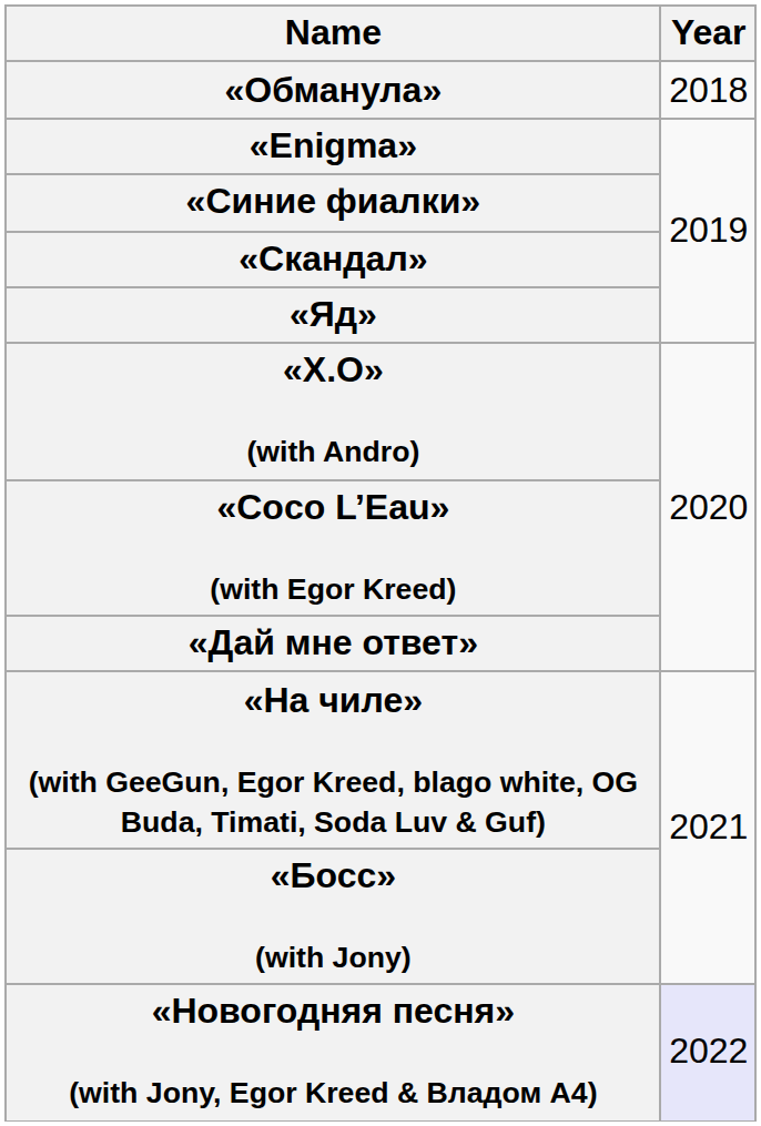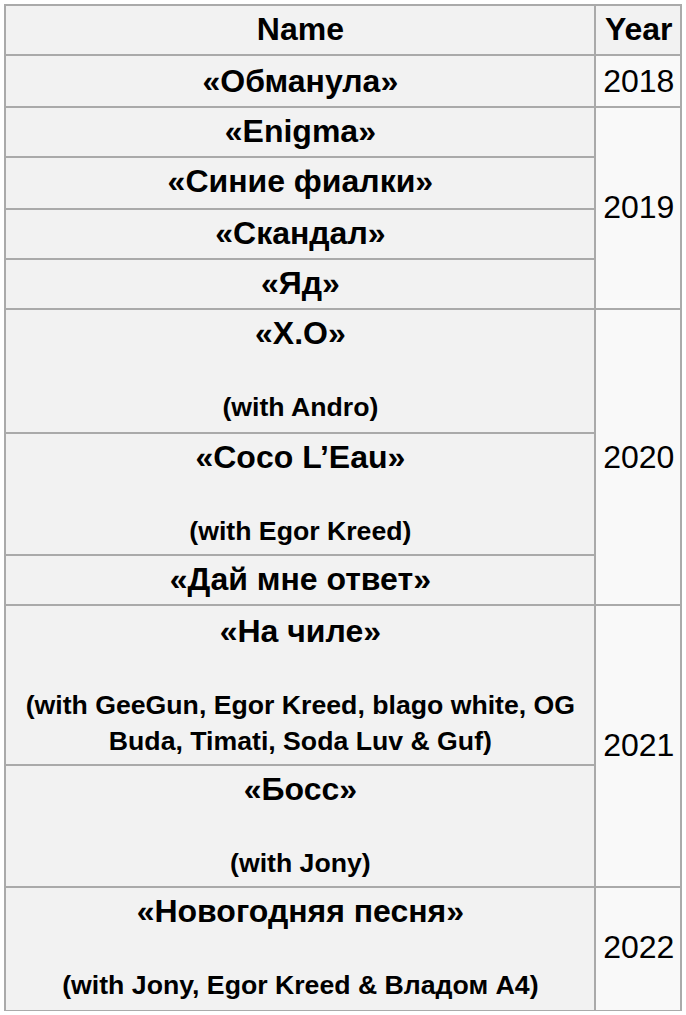 <table class="wikitable plainrowheaders" style="text-align:center;">
 <tr>
 <th scope="col" style="width:18em;">Name</th>
 <th scope="col">Year</th>
 </tr>
 <tr>
 <th>«Обманула»</th>
 <td>2018</td>
 </tr>
 <tr>
 <th>«Enigma»</th>
 <td rowspan="4">2019</td>
 </tr>
 <tr>
 <th>«Синие фиалки»</th>
 </tr>
 <tr>
 <th>«Скандал»</th>
 </tr>
 <tr>
 <th>«Яд»</th>
 </tr>
 <tr>
 <th>«X.O»<br><br><small>(with Andro)</small></th>
 <td rowspan="3">2020</td>
 </tr>
 <tr>
 <th>«Coco L’Eau»<br><br><small>(with Еgor Kreed)</small></th>
 </tr>
 <tr>
 <th>«Дай мне ответ»</th>
 </tr>
 <tr>
 <th>«На чиле»<br><br><small>(with GeeGun, Egor Kreed, blago white, OG Buda, Timati, Soda Luv & Guf)</small></th>
 <td rowspan="2">2021</td>
 </tr>
 <tr>
 <th>«Босс»<br><br><small>(with Jony)</small></th>
 </tr>
 <tr>
 <th>«Новогодняя песня»<br><br><small>(with Jony, Egor Kreed & Владом А4)</small></th>
-<td style="background: lavender;">2022</td>
+<td>2022</td>
 </tr>
 </table>
